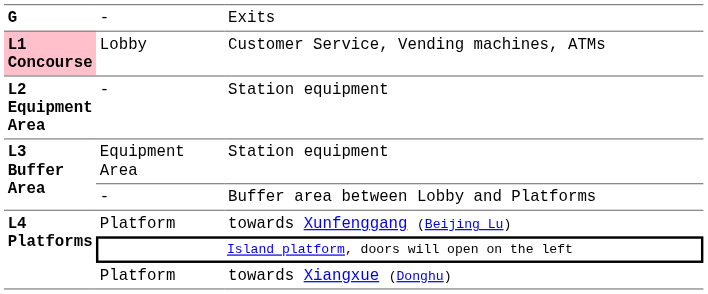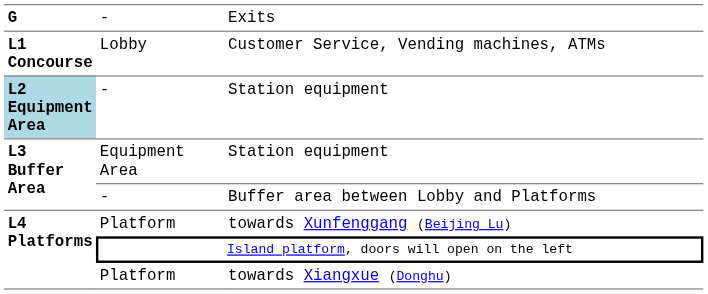 <table table border=0 cellspacing=0 cellpadding=3>
 <tr>
 <td style="border-top:solid 1px gray;" width=50 valign=top><strong>G</strong></td>
 <td style="border-top:solid 1px gray;" width=100 valign=top>-</td>
 <td style="border-top:solid 1px gray;" width=390 valign=top>Exits</td>
 </tr>
 <tr>
-<td style="background: pink; border-bottom:solid 0px gray; border-top:solid 1px gray;" valign=top width=50><strong>L1<br>Concourse</strong></td>
+<td style="border-bottom:solid 0px gray; border-top:solid 1px gray;" valign=top width=50><strong>L1<br>Concourse</strong></td>
 <td style="border-bottom:solid 0px gray; border-top:solid 1px gray;" valign=top width=100>Lobby</td>
 <td style="border-bottom:solid 0px gray; border-top:solid 1px gray;" valign=top width=390>Customer Service, Vending machines, ATMs</td>
 </tr>
 <tr>
-<td style="border-bottom:solid 0px gray; border-top:solid 1px gray;" valign=top width=50><strong>L2<br>Equipment Area</strong></td>
+<td style="background: lightblue; border-bottom:solid 0px gray; border-top:solid 1px gray;" valign=top width=50><strong>L2<br>Equipment Area</strong></td>
 <td style="border-bottom:solid 0px gray; border-top:solid 1px gray;" valign=top width=100>-</td>
 <td style="border-bottom:solid 0px gray; border-top:solid 1px gray;" valign=top width=390>Station equipment</td>
 </tr>
 <tr>
 <td style="border-bottom:solid 0px gray; border-top:solid 1px gray;" valign=top width=50 rowspan=2><strong>L3<br>Buffer Area</strong></td>
 <td style="border-bottom:solid 0px gray; border-top:solid 1px gray;" valign=top width=100>Equipment Area</td>
 <td style="border-bottom:solid 0px gray; border-top:solid 1px gray;" valign=top width=390>Station equipment</td>
 </tr>
 <tr>
 <td style="border-bottom:solid 0px gray; border-top:solid 1px gray;" valign=top width=100>-</td>
 <td style="border-bottom:solid 0px gray; border-top:solid 1px gray;" valign=top width=390>Buffer area between Lobby and Platforms</td>
 </tr>
 <tr>
 <td style="border-bottom:solid 1px gray; border-top:solid 1px gray;" valign=top width=50 rowspan=3><strong>L4<br>Platforms</strong></td>
 <td style="border-top:solid 1px gray;">Platform </td>
 <td style="border-top:solid 1px gray;">  towards <a href='#'>Xunfenggang</a> <small>(<a href='#'>Beijing Lu</a>)</small></td>
 </tr>
 <tr>
 <td style="border-top:solid 2px black;border-right:solid 2px black;border-left:solid 2px black;border-bottom:solid 2px black;font-size:smaller;text-align:center;" colspan=2><a href='#'>Island platform</a>, doors will open on the left</td>
 </tr>
 <tr>
 <td style="border-bottom:solid 1px gray;">Platform </td>
 <td style="border-bottom:solid 1px gray;"> towards <a href='#'>Xiangxue</a> <small>(<a href='#'>Donghu</a>)</small> </td>
 </tr>
 </table>
